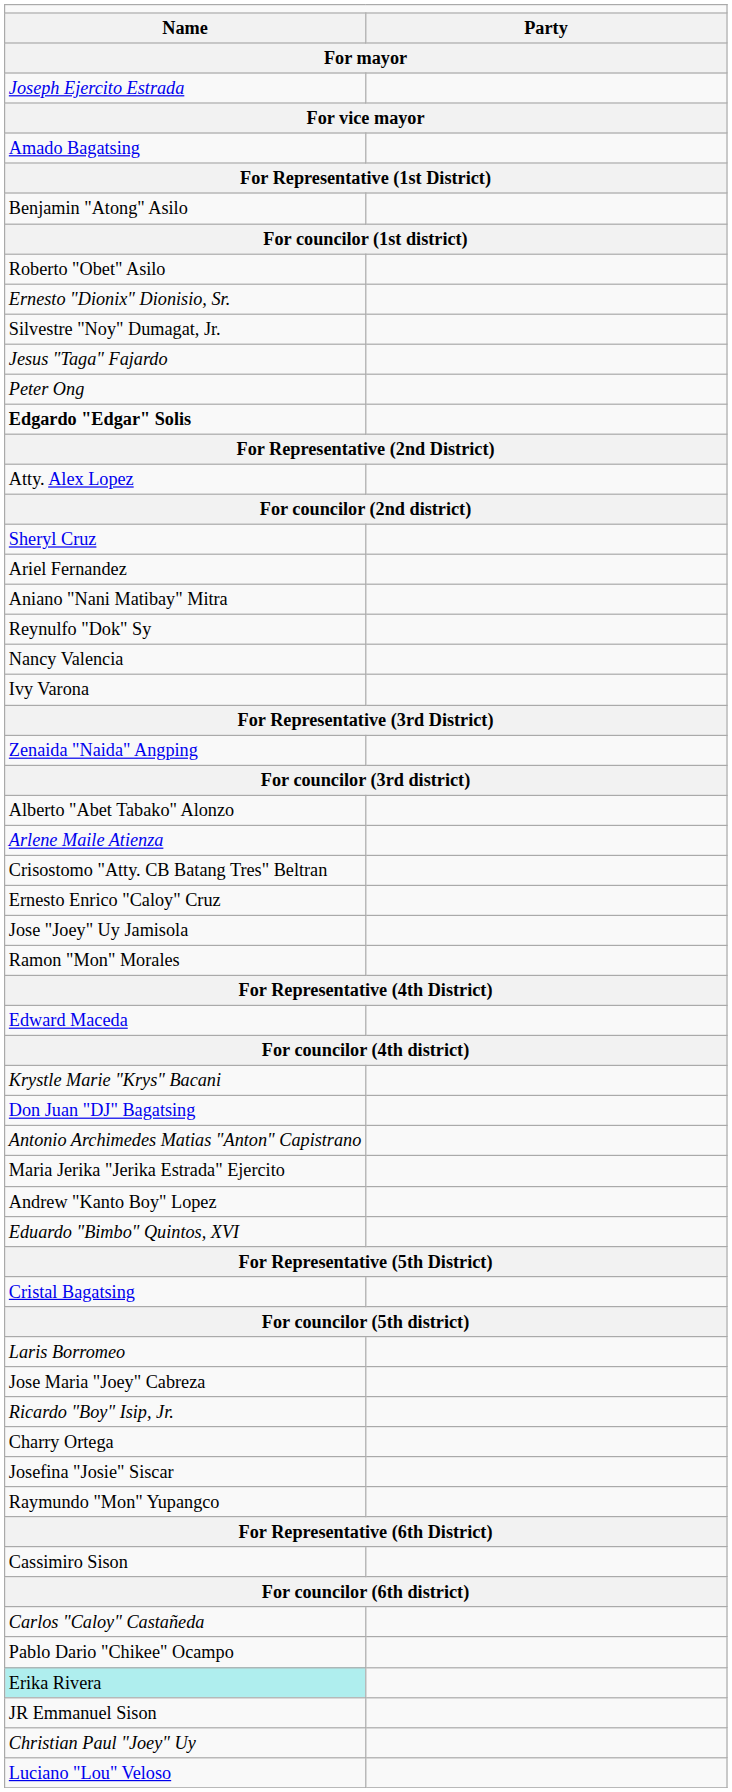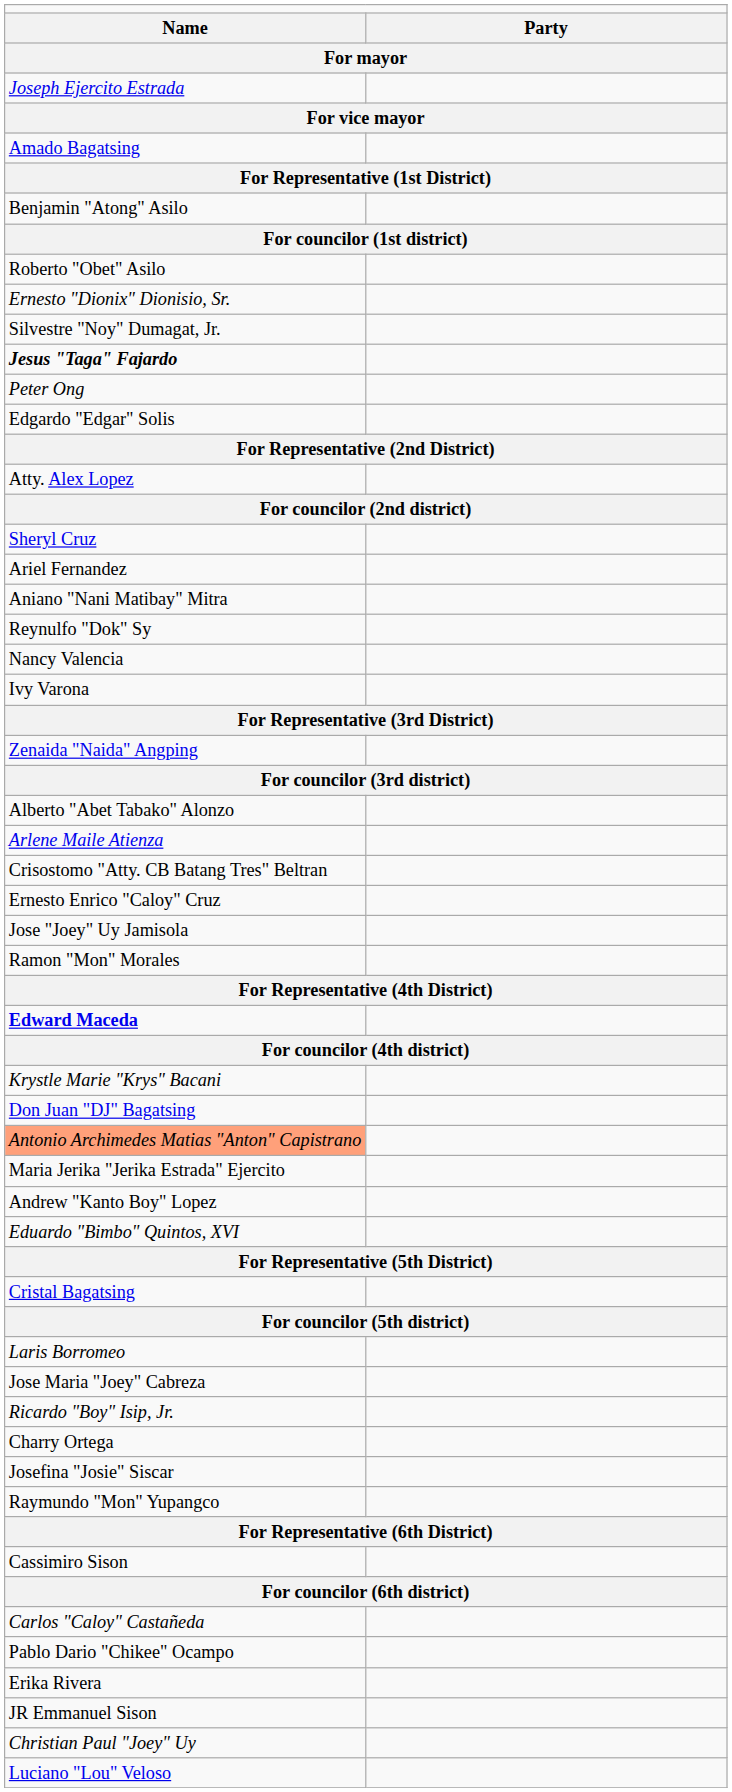 <table class=wikitable style="font-size:95%">
 <tr>
 <td colspan=4 bgcolor=></td>
 </tr>
 <tr>
 <th width=50%>Name</th>
 <th colspan=2>Party</th>
 </tr>
 <tr>
 <th colspan=3>For mayor</th>
 </tr>
 <tr>
 <td><em><a href='#'>Joseph Ejercito Estrada</a></em></td>
 <td></td>
 </tr>
 <tr>
 <th colspan=3>For vice mayor</th>
 </tr>
 <tr>
 <td><a href='#'>Amado Bagatsing</a></td>
 <td></td>
 </tr>
 <tr>
 <th colspan="5">For Representative (1st District)</th>
 </tr>
 <tr>
 <td>Benjamin "Atong" Asilo</td>
 <td></td>
 </tr>
 <tr>
 <th colspan=3>For councilor (1st district)</th>
 </tr>
 <tr>
 <td>Roberto "Obet" Asilo</td>
 <td></td>
 </tr>
 <tr>
 <td><em>Ernesto "Dionix" Dionisio, Sr.</em></td>
 <td></td>
 </tr>
 <tr>
 <td>Silvestre "Noy" Dumagat, Jr.</td>
 <td></td>
 </tr>
 <tr>
-<td><em>Jesus "Taga" Fajardo</em></td>
+<td><strong><em>Jesus "Taga" Fajardo</em></strong></td>
 <td></td>
 </tr>
 <tr>
 <td><em>Peter Ong</em></td>
 <td></td>
 </tr>
 <tr>
-<td><strong>Edgardo "Edgar" Solis</strong></td>
+<td>Edgardo "Edgar" Solis</td>
 <td></td>
 </tr>
 <tr>
 <th colspan="5">For Representative (2nd District)</th>
 </tr>
 <tr>
 <td>Atty. <a href='#'>Alex Lopez</a></td>
 <td></td>
 </tr>
 <tr>
 <th colspan=3>For councilor (2nd district)</th>
 </tr>
 <tr>
 <td><a href='#'>Sheryl Cruz</a></td>
 <td></td>
 </tr>
 <tr>
 <td>Ariel Fernandez</td>
 <td></td>
 </tr>
 <tr>
 <td>Aniano "Nani Matibay" Mitra</td>
 <td></td>
 </tr>
 <tr>
 <td>Reynulfo "Dok" Sy</td>
 <td></td>
 </tr>
 <tr>
 <td>Nancy Valencia</td>
 <td></td>
 </tr>
 <tr>
 <td>Ivy Varona</td>
 <td></td>
 </tr>
 <tr>
 <th colspan="5">For Representative (3rd District)</th>
 </tr>
 <tr>
 <td><a href='#'>Zenaida "Naida" Angping</a></td>
 <td></td>
 </tr>
 <tr>
 <th colspan=3>For councilor (3rd district)</th>
 </tr>
 <tr>
 <td>Alberto "Abet Tabako" Alonzo</td>
 <td></td>
 </tr>
 <tr>
 <td><em><a href='#'>Arlene Maile Atienza</a></em></td>
 <td></td>
 </tr>
 <tr>
 <td>Crisostomo "Atty. CB Batang Tres" Beltran</td>
 <td></td>
 </tr>
 <tr>
 <td>Ernesto Enrico "Caloy" Cruz</td>
 <td></td>
 </tr>
 <tr>
 <td>Jose "Joey" Uy Jamisola</td>
 <td></td>
 </tr>
 <tr>
 <td>Ramon "Mon" Morales</td>
 <td></td>
 </tr>
 <tr>
 <th colspan="5">For Representative (4th District)</th>
 </tr>
 <tr>
-<td><a href='#'>Edward Maceda</a></td>
+<td><strong><a href='#'>Edward Maceda</a></strong></td>
 <td></td>
 </tr>
 <tr>
 <th colspan=3>For councilor (4th district)</th>
 </tr>
 <tr>
 <td><em>Krystle Marie "Krys" Bacani</em></td>
 <td></td>
 </tr>
 <tr>
 <td><a href='#'>Don Juan "DJ" Bagatsing</a></td>
 <td></td>
 </tr>
 <tr>
-<td><em>Antonio Archimedes Matias "Anton" Capistrano</em></td>
+<td style="background: lightsalmon;"><em>Antonio Archimedes Matias "Anton" Capistrano</em></td>
 <td></td>
 </tr>
 <tr>
 <td>Maria Jerika "Jerika Estrada" Ejercito</td>
 <td></td>
 </tr>
 <tr>
 <td>Andrew "Kanto Boy" Lopez</td>
 <td></td>
 </tr>
 <tr>
 <td><em>Eduardo "Bimbo" Quintos, XVI</em></td>
 <td></td>
 </tr>
 <tr>
 <th colspan="5">For Representative (5th District)</th>
 </tr>
 <tr>
 <td><a href='#'>Cristal Bagatsing</a></td>
 <td></td>
 </tr>
 <tr>
 <th colspan=3>For councilor (5th district)</th>
 </tr>
 <tr>
 <td><em>Laris Borromeo</em></td>
 <td></td>
 </tr>
 <tr>
 <td>Jose Maria "Joey" Cabreza</td>
 <td></td>
 </tr>
 <tr>
 <td><em>Ricardo "Boy" Isip, Jr.</em></td>
 <td></td>
 </tr>
 <tr>
 <td>Charry Ortega</td>
 <td></td>
 </tr>
 <tr>
 <td>Josefina "Josie" Siscar</td>
 <td></td>
 </tr>
 <tr>
 <td>Raymundo "Mon" Yupangco</td>
 <td></td>
 </tr>
 <tr>
 <th colspan="5">For Representative (6th District)</th>
 </tr>
 <tr>
 <td>Cassimiro Sison</td>
 <td></td>
 </tr>
 <tr>
 <th colspan=3>For councilor (6th district)</th>
 </tr>
 <tr>
 <td><em>Carlos "Caloy" Castañeda</em></td>
 <td></td>
 </tr>
 <tr>
 <td>Pablo Dario "Chikee" Ocampo</td>
 <td></td>
 </tr>
 <tr>
-<td style="background: paleturquoise;">Erika Rivera</td>
+<td>Erika Rivera</td>
 <td></td>
 </tr>
 <tr>
 <td>JR Emmanuel Sison</td>
 <td></td>
 </tr>
 <tr>
 <td><em>Christian Paul "Joey" Uy</em></td>
 <td></td>
 </tr>
 <tr>
 <td><a href='#'>Luciano "Lou" Veloso</a></td>
 <td></td>
 </tr>
 </table>
